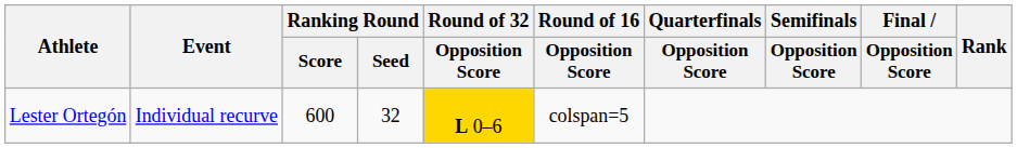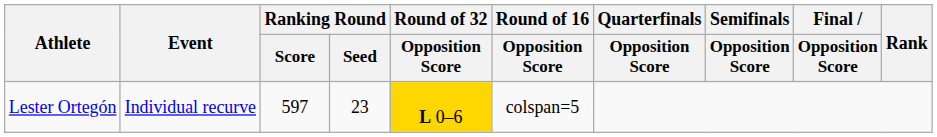 <table class="wikitable" style="font-size:90%">
 <tr>
 <th rowspan="2">Athlete</th>
 <th rowspan="2">Event</th>
 <th colspan="2">Ranking Round</th>
 <th>Round of 32</th>
 <th>Round of 16</th>
 <th>Quarterfinals</th>
 <th>Semifinals</th>
 <th>Final / </th>
 <th rowspan="2">Rank</th>
 </tr>
 <tr style="font-size:95%">
 <th>Score</th>
 <th>Seed</th>
 <th>Opposition<br>Score</th>
 <th>Opposition<br>Score</th>
 <th>Opposition<br>Score</th>
 <th>Opposition<br>Score</th>
 <th>Opposition<br>Score</th>
 </tr>
 <tr align=center>
 <td align=left><a href='#'>Lester Ortegón</a></td>
 <td align=left><a href='#'>Individual recurve</a></td>
-<td>600</td>
-<td>32</td>
+<td>597</td>
+<td>23</td>
 <td style="background: gold;"><br><strong>L</strong> 0–6</td>
 <td>colspan=5 </td>
 </tr>
 </table>
